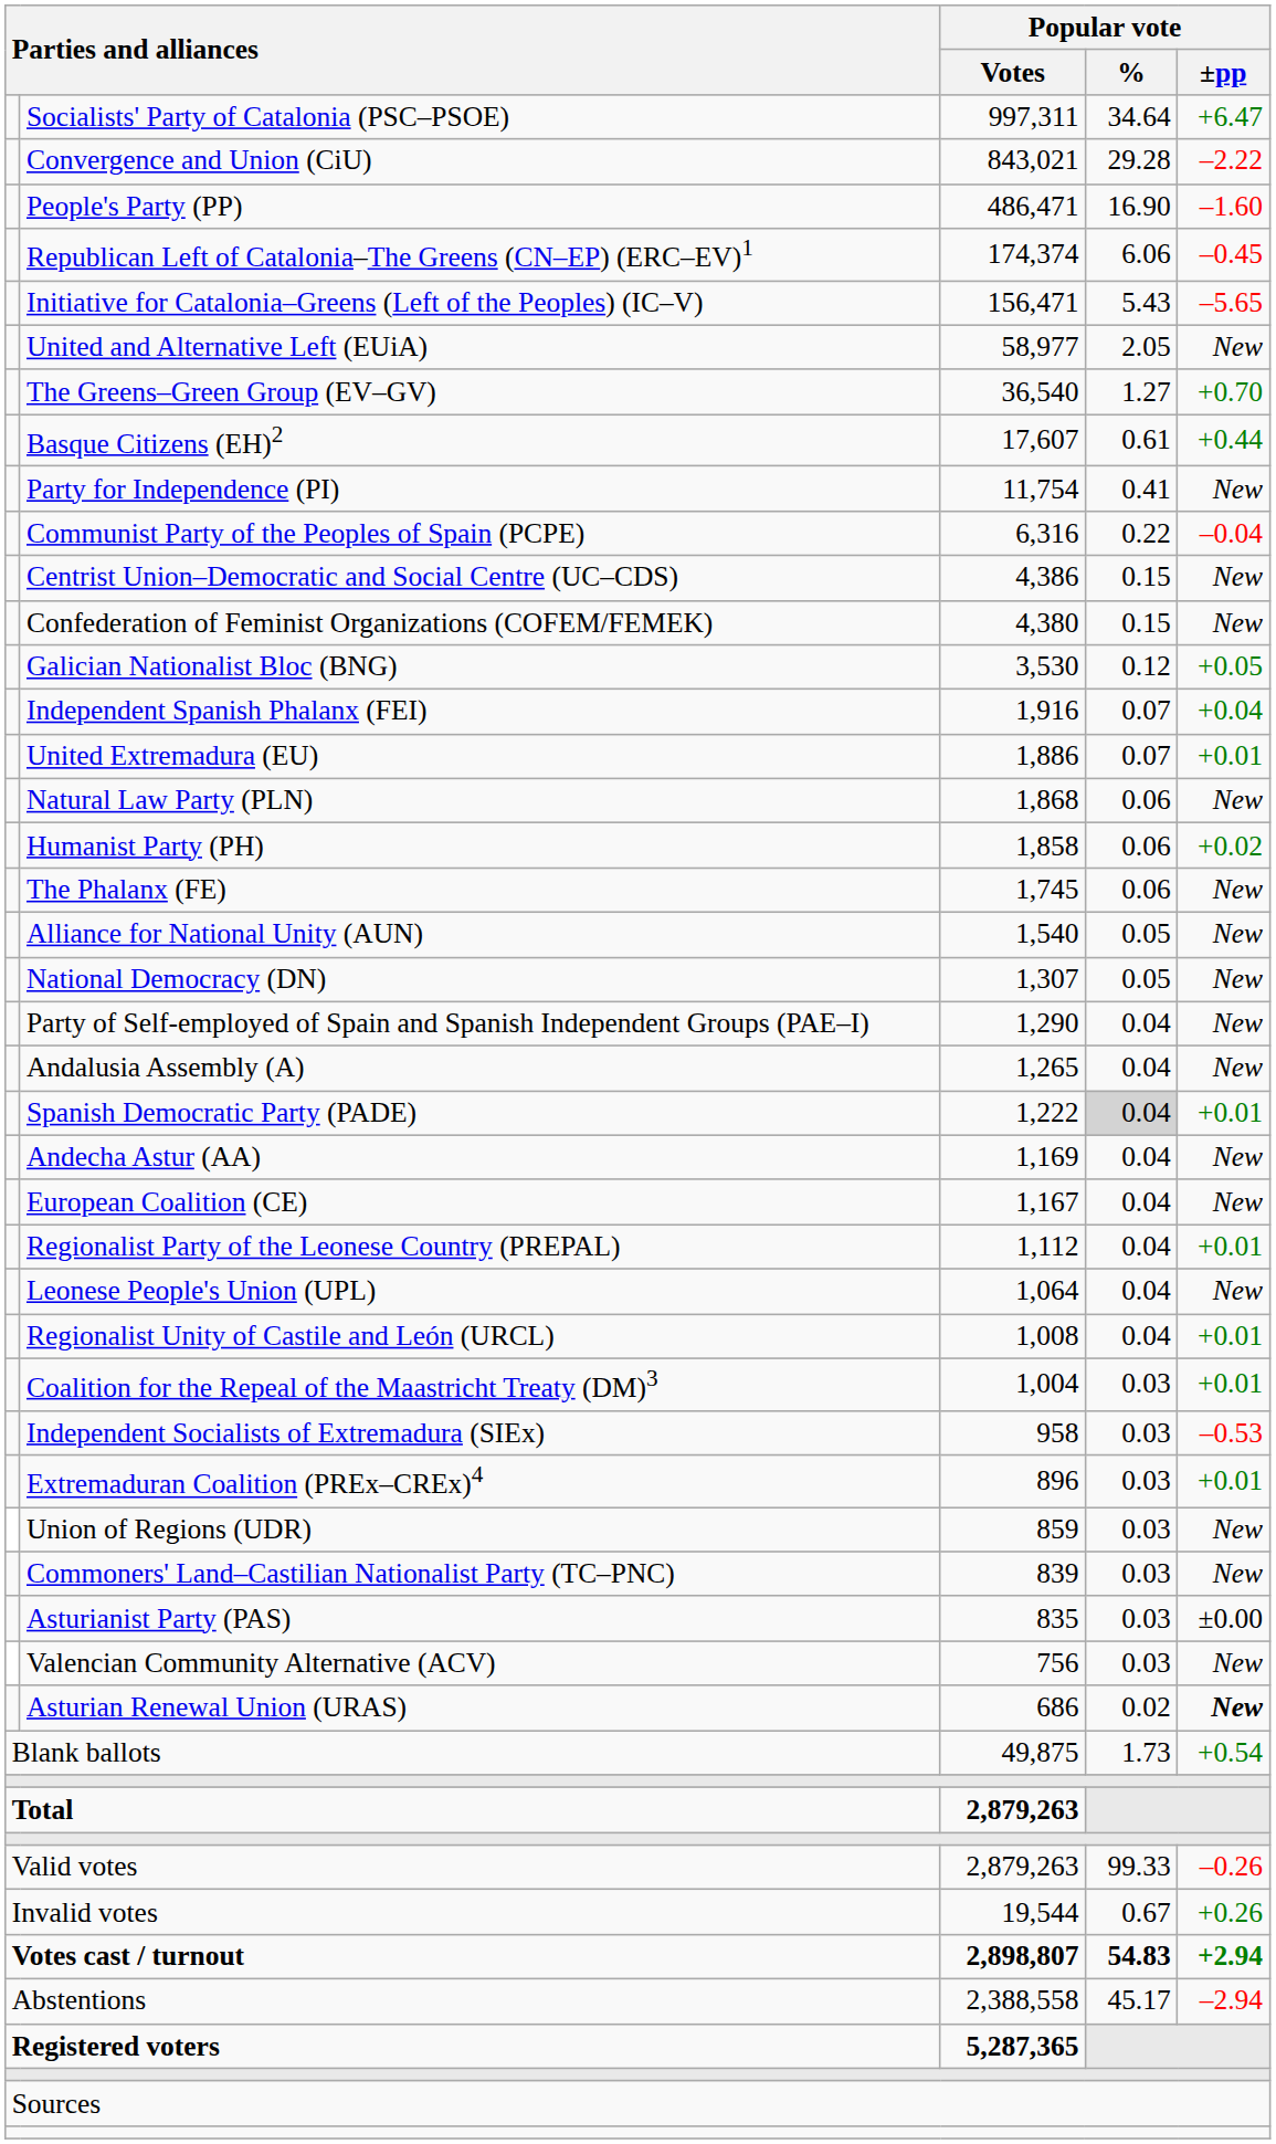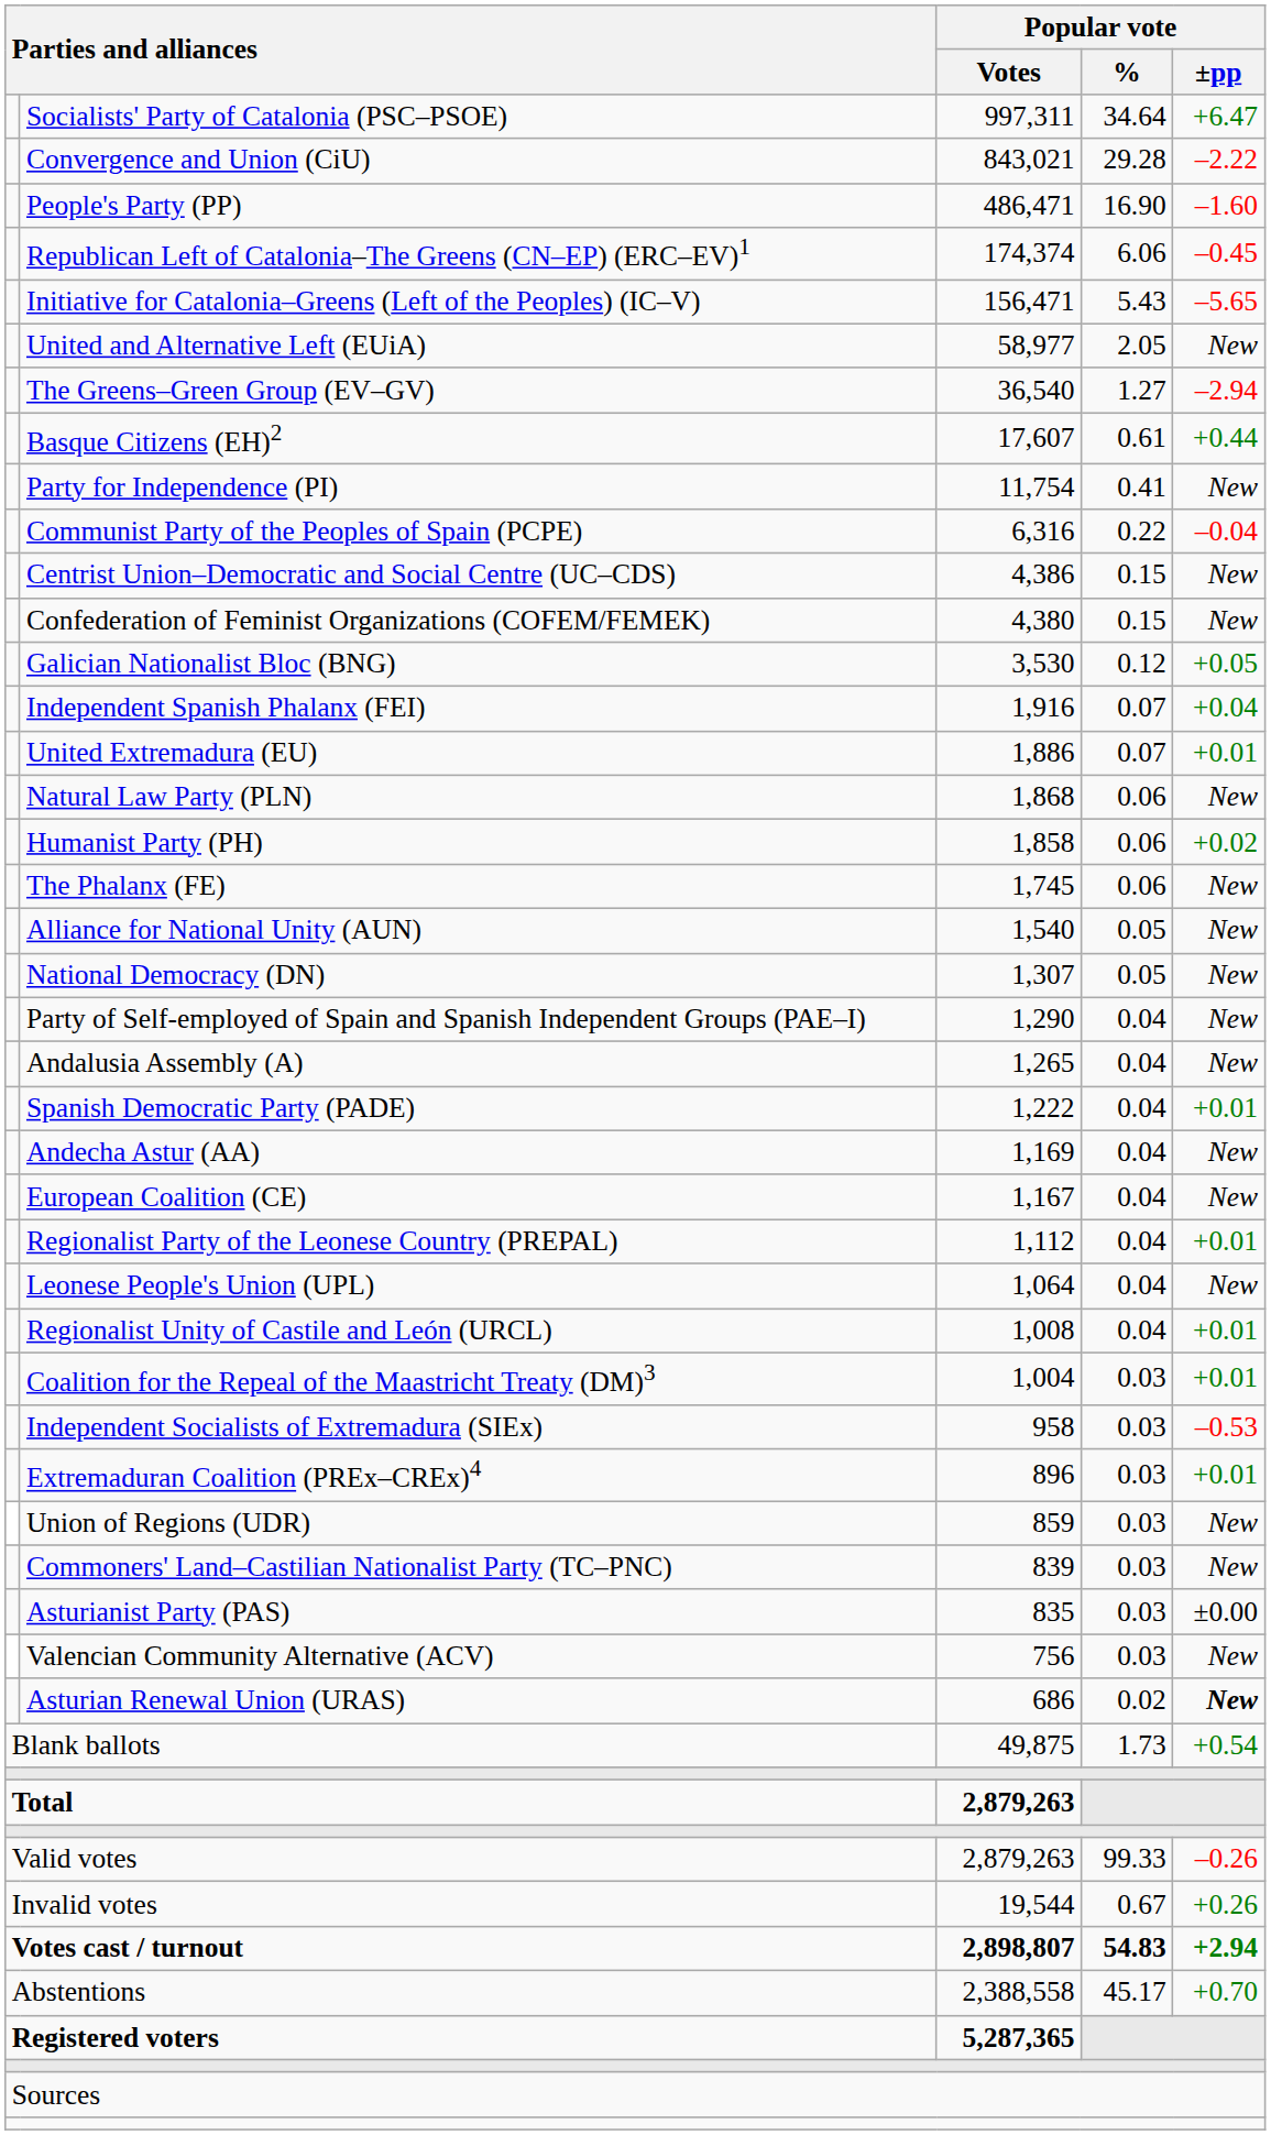 <table class="wikitable" style="text-align:right">
 <tr>
 <th style="text-align:left;" rowspan="2" colspan="2" width="525">Parties and alliances</th>
 <th colspan="3">Popular vote</th>
 </tr>
 <tr>
 <th width="75">Votes</th>
 <th width="45">%</th>
 <th width="45">±<a href='#'>pp</a></th>
 </tr>
 <tr>
 <td width="1" style="color:inherit;background:"></td>
 <td align="left"><a href='#'>Socialists' Party of Catalonia</a> (PSC–PSOE)</td>
 <td>997,311</td>
 <td>34.64</td>
 <td style="color:green;">+6.47</td>
 </tr>
 <tr>
 <td style="color:inherit;background:"></td>
 <td align="left"><a href='#'>Convergence and Union</a> (CiU)</td>
 <td>843,021</td>
 <td>29.28</td>
 <td style="color:red;">–2.22</td>
 </tr>
 <tr>
 <td style="color:inherit;background:"></td>
 <td align="left"><a href='#'>People's Party</a> (PP)</td>
 <td>486,471</td>
 <td>16.90</td>
 <td style="color:red;">–1.60</td>
 </tr>
 <tr>
 <td style="color:inherit;background:"></td>
 <td align="left"><a href='#'>Republican Left of Catalonia</a>–<a href='#'>The Greens</a> (<a href='#'>CN–EP</a>) (ERC–EV)<sup>1</sup></td>
 <td>174,374</td>
 <td>6.06</td>
 <td style="color:red;">–0.45</td>
 </tr>
 <tr>
 <td style="color:inherit;background:"></td>
 <td align="left"><a href='#'>Initiative for Catalonia–Greens</a> (<a href='#'>Left of the Peoples</a>) (IC–V)</td>
 <td>156,471</td>
 <td>5.43</td>
 <td style="color:red;">–5.65</td>
 </tr>
 <tr>
 <td style="color:inherit;background:"></td>
 <td align="left"><a href='#'>United and Alternative Left</a> (EUiA)</td>
 <td>58,977</td>
 <td>2.05</td>
 <td><em>New</em></td>
 </tr>
 <tr>
 <td style="color:inherit;background:"></td>
 <td align="left"><a href='#'>The Greens–Green Group</a> (EV–GV)</td>
 <td>36,540</td>
 <td>1.27</td>
-<td style="color:green;">+0.70</td>
+<td style="color:red;">–2.94</td>
 </tr>
 <tr>
 <td style="color:inherit;background:"></td>
 <td align="left"><a href='#'>Basque Citizens</a> (EH)<sup>2</sup></td>
 <td>17,607</td>
 <td>0.61</td>
 <td style="color:green;">+0.44</td>
 </tr>
 <tr>
 <td style="color:inherit;background:"></td>
 <td align="left"><a href='#'>Party for Independence</a> (PI)</td>
 <td>11,754</td>
 <td>0.41</td>
 <td><em>New</em></td>
 </tr>
 <tr>
 <td style="color:inherit;background:"></td>
 <td align="left"><a href='#'>Communist Party of the Peoples of Spain</a> (PCPE)</td>
 <td>6,316</td>
 <td>0.22</td>
 <td style="color:red;">–0.04</td>
 </tr>
 <tr>
 <td style="color:inherit;background:"></td>
 <td align="left"><a href='#'>Centrist Union–Democratic and Social Centre</a> (UC–CDS)</td>
 <td>4,386</td>
 <td>0.15</td>
 <td><em>New</em></td>
 </tr>
 <tr>
 <td style="color:inherit;background:"></td>
 <td align="left">Confederation of Feminist Organizations (COFEM/FEMEK)</td>
 <td>4,380</td>
 <td>0.15</td>
 <td><em>New</em></td>
 </tr>
 <tr>
 <td style="color:inherit;background:"></td>
 <td align="left"><a href='#'>Galician Nationalist Bloc</a> (BNG)</td>
 <td>3,530</td>
 <td>0.12</td>
 <td style="color:green;">+0.05</td>
 </tr>
 <tr>
 <td style="color:inherit;background:"></td>
 <td align="left"><a href='#'>Independent Spanish Phalanx</a> (FEI)</td>
 <td>1,916</td>
 <td>0.07</td>
 <td style="color:green;">+0.04</td>
 </tr>
 <tr>
 <td style="color:inherit;background:"></td>
 <td align="left"><a href='#'>United Extremadura</a> (EU)</td>
 <td>1,886</td>
 <td>0.07</td>
 <td style="color:green;">+0.01</td>
 </tr>
 <tr>
 <td style="color:inherit;background:"></td>
 <td align="left"><a href='#'>Natural Law Party</a> (PLN)</td>
 <td>1,868</td>
 <td>0.06</td>
 <td><em>New</em></td>
 </tr>
 <tr>
 <td style="color:inherit;background:"></td>
 <td align="left"><a href='#'>Humanist Party</a> (PH)</td>
 <td>1,858</td>
 <td>0.06</td>
 <td style="color:green;">+0.02</td>
 </tr>
 <tr>
 <td style="color:inherit;background:"></td>
 <td align="left"><a href='#'>The Phalanx</a> (FE)</td>
 <td>1,745</td>
 <td>0.06</td>
 <td><em>New</em></td>
 </tr>
 <tr>
 <td style="color:inherit;background:"></td>
 <td align="left"><a href='#'>Alliance for National Unity</a> (AUN)</td>
 <td>1,540</td>
 <td>0.05</td>
 <td><em>New</em></td>
 </tr>
 <tr>
 <td style="color:inherit;background:"></td>
 <td align="left"><a href='#'>National Democracy</a> (DN)</td>
 <td>1,307</td>
 <td>0.05</td>
 <td><em>New</em></td>
 </tr>
 <tr>
 <td style="color:inherit;background:"></td>
 <td align="left">Party of Self-employed of Spain and Spanish Independent Groups (PAE–I)</td>
 <td>1,290</td>
 <td>0.04</td>
 <td><em>New</em></td>
 </tr>
 <tr>
 <td style="color:inherit;background:"></td>
 <td align="left">Andalusia Assembly (A)</td>
 <td>1,265</td>
 <td>0.04</td>
 <td><em>New</em></td>
 </tr>
 <tr>
 <td style="color:inherit;background:"></td>
 <td align="left"><a href='#'>Spanish Democratic Party</a> (PADE)</td>
 <td>1,222</td>
-<td style="background: lightgrey;">0.04</td>
+<td>0.04</td>
 <td style="color:green;">+0.01</td>
 </tr>
 <tr>
 <td style="color:inherit;background:"></td>
 <td align="left"><a href='#'>Andecha Astur</a> (AA)</td>
 <td>1,169</td>
 <td>0.04</td>
 <td><em>New</em></td>
 </tr>
 <tr>
 <td style="color:inherit;background:"></td>
 <td align="left"><a href='#'>European Coalition</a> (CE)</td>
 <td>1,167</td>
 <td>0.04</td>
 <td><em>New</em></td>
 </tr>
 <tr>
 <td style="color:inherit;background:"></td>
 <td align="left"><a href='#'>Regionalist Party of the Leonese Country</a> (PREPAL)</td>
 <td>1,112</td>
 <td>0.04</td>
 <td style="color:green;">+0.01</td>
 </tr>
 <tr>
 <td style="color:inherit;background:"></td>
 <td align="left"><a href='#'>Leonese People's Union</a> (UPL)</td>
 <td>1,064</td>
 <td>0.04</td>
 <td><em>New</em></td>
 </tr>
 <tr>
 <td style="color:inherit;background:"></td>
 <td align="left"><a href='#'>Regionalist Unity of Castile and León</a> (URCL)</td>
 <td>1,008</td>
 <td>0.04</td>
 <td style="color:green;">+0.01</td>
 </tr>
 <tr>
 <td style="color:inherit;background:"></td>
 <td align="left"><a href='#'>Coalition for the Repeal of the Maastricht Treaty</a> (DM)<sup>3</sup></td>
 <td>1,004</td>
 <td>0.03</td>
 <td style="color:green;">+0.01</td>
 </tr>
 <tr>
 <td style="color:inherit;background:"></td>
 <td align="left"><a href='#'>Independent Socialists of Extremadura</a> (SIEx)</td>
 <td>958</td>
 <td>0.03</td>
 <td style="color:red;">–0.53</td>
 </tr>
 <tr>
 <td style="color:inherit;background:"></td>
 <td align="left"><a href='#'>Extremaduran Coalition</a> (PREx–CREx)<sup>4</sup></td>
 <td>896</td>
 <td>0.03</td>
 <td style="color:green;">+0.01</td>
 </tr>
 <tr>
 <td bgcolor="white"></td>
 <td align="left">Union of Regions (UDR)</td>
 <td>859</td>
 <td>0.03</td>
 <td><em>New</em></td>
 </tr>
 <tr>
 <td style="color:inherit;background:"></td>
 <td align="left"><a href='#'>Commoners' Land–Castilian Nationalist Party</a> (TC–PNC)</td>
 <td>839</td>
 <td>0.03</td>
 <td><em>New</em></td>
 </tr>
 <tr>
 <td style="color:inherit;background:"></td>
 <td align="left"><a href='#'>Asturianist Party</a> (PAS)</td>
 <td>835</td>
 <td>0.03</td>
 <td>±0.00</td>
 </tr>
 <tr>
 <td bgcolor="white"></td>
 <td align="left">Valencian Community Alternative (ACV)</td>
 <td>756</td>
 <td>0.03</td>
 <td><em>New</em></td>
 </tr>
 <tr>
 <td style="color:inherit;background:"></td>
 <td align="left"><a href='#'>Asturian Renewal Union</a> (URAS)</td>
 <td>686</td>
 <td>0.02</td>
 <td><strong><em>New</em></strong></td>
 </tr>
 <tr>
 <td align="left" colspan="2">Blank ballots</td>
 <td>49,875</td>
 <td>1.73</td>
 <td style="color:green;">+0.54</td>
 </tr>
 <tr>
 <td colspan="5" bgcolor="#E9E9E9"></td>
 </tr>
 <tr style="font-weight:bold;">
 <td align="left" colspan="2">Total</td>
 <td>2,879,263</td>
 <td bgcolor="#E9E9E9" colspan="2"></td>
 </tr>
 <tr>
 <td colspan="5" bgcolor="#E9E9E9"></td>
 </tr>
 <tr>
 <td align="left" colspan="2">Valid votes</td>
 <td>2,879,263</td>
 <td>99.33</td>
 <td style="color:red;">–0.26</td>
 </tr>
 <tr>
 <td align="left" colspan="2">Invalid votes</td>
 <td>19,544</td>
 <td>0.67</td>
 <td style="color:green;">+0.26</td>
 </tr>
 <tr style="font-weight:bold;">
 <td align="left" colspan="2">Votes cast / turnout</td>
 <td>2,898,807</td>
 <td>54.83</td>
 <td style="color:green;">+2.94</td>
 </tr>
 <tr>
 <td align="left" colspan="2">Abstentions</td>
 <td>2,388,558</td>
 <td>45.17</td>
-<td style="color:red;">–2.94</td>
+<td style="color:green;">+0.70</td>
 </tr>
 <tr style="font-weight:bold;">
 <td align="left" colspan="2">Registered voters</td>
 <td>5,287,365</td>
 <td bgcolor="#E9E9E9" colspan="2"></td>
 </tr>
 <tr>
 <td colspan="5" bgcolor="#E9E9E9"></td>
 </tr>
 <tr>
 <td align="left" colspan="5">Sources</td>
 </tr>
 <tr>
 <td colspan="5" style="text-align:left; max-width:680px;"></td>
 </tr>
 </table>
